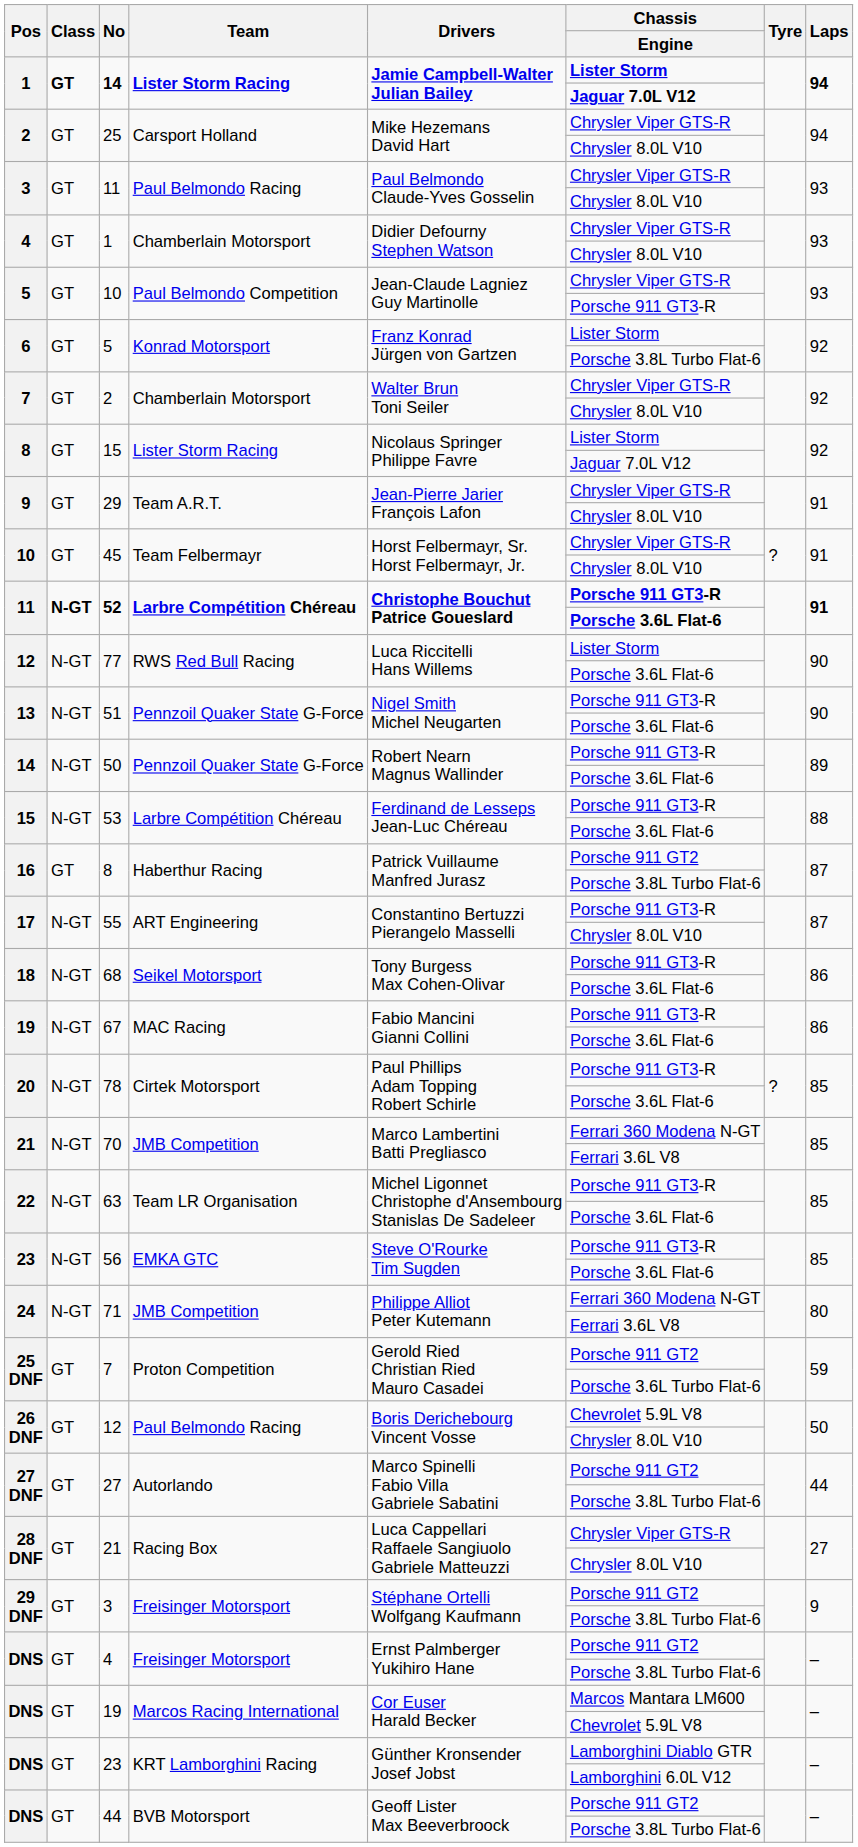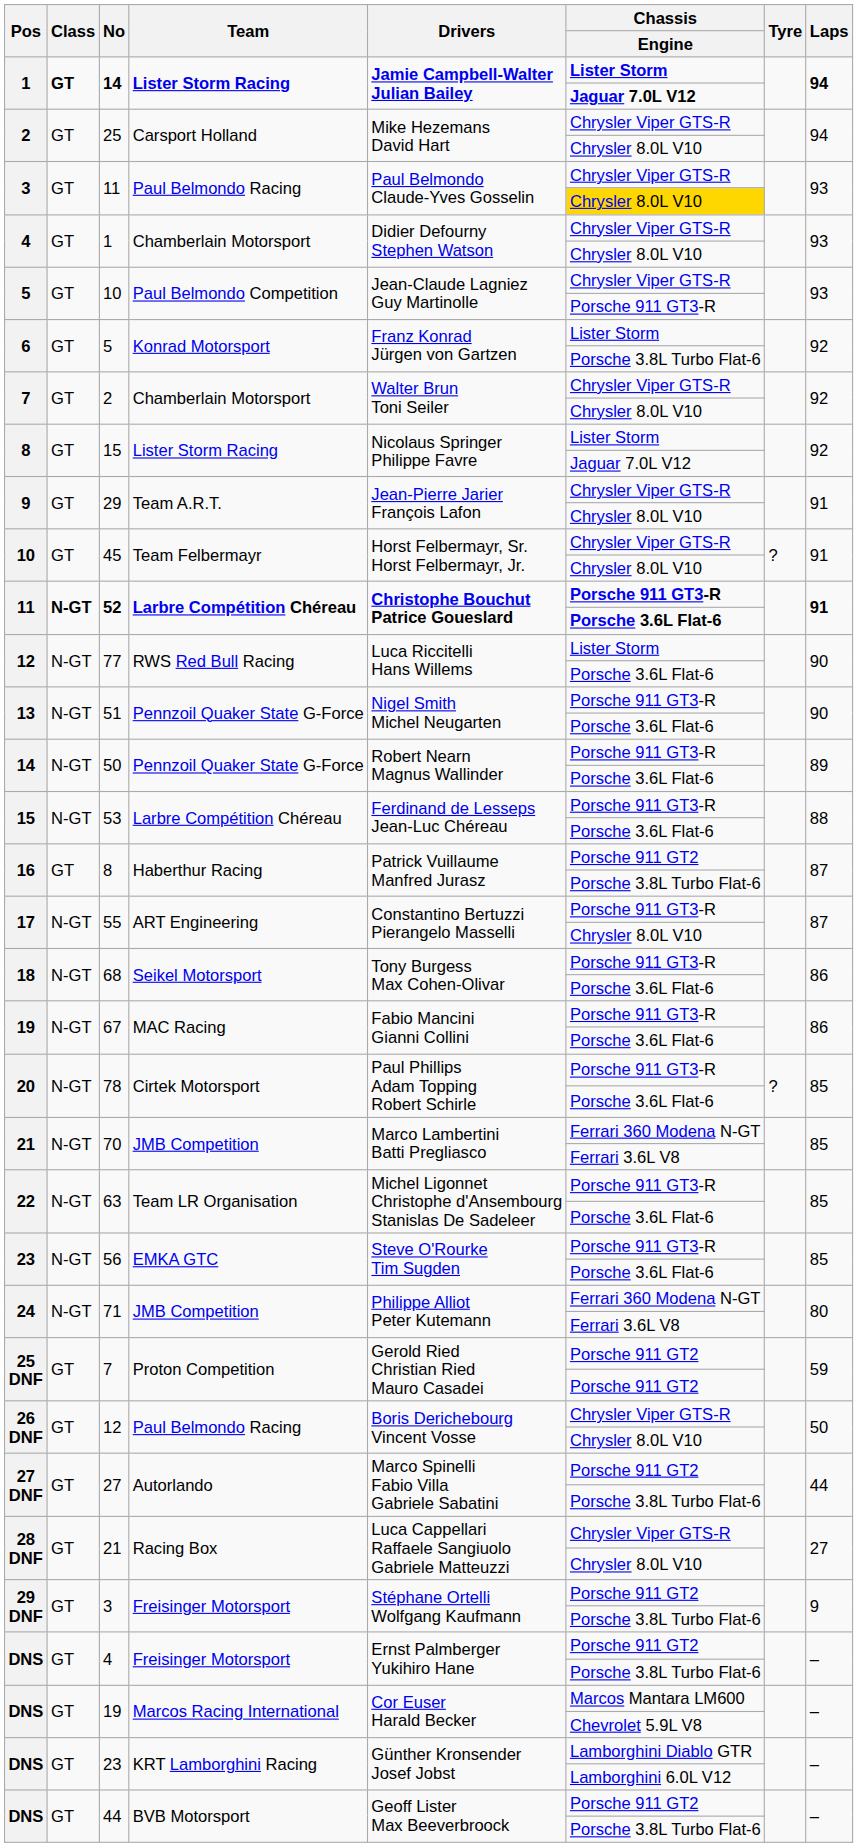 <table class="wikitable" style="font-size: 95%;">
 <tr>
 <th rowspan=2>Pos</th>
 <th rowspan=2>Class</th>
 <th rowspan=2>No</th>
 <th rowspan=2>Team</th>
 <th rowspan=2>Drivers</th>
 <th>Chassis</th>
 <th rowspan=2>Tyre</th>
 <th rowspan=2>Laps</th>
 </tr>
 <tr>
 <th>Engine</th>
 </tr>
 <tr style="font-weight:bold">
 <th rowspan=2>1</th>
 <td rowspan=2>GT</td>
 <td rowspan=2>14</td>
 <td rowspan=2> <a href='#'>Lister Storm Racing</a></td>
 <td rowspan=2> <a href='#'>Jamie Campbell-Walter</a><br> <a href='#'>Julian Bailey</a></td>
 <td><a href='#'>Lister Storm</a></td>
 <td rowspan=2></td>
 <td rowspan=2>94</td>
 </tr>
 <tr style="font-weight:bold">
 <td><a href='#'>Jaguar</a> 7.0L V12</td>
 </tr>
 <tr>
 <th rowspan=2>2</th>
 <td rowspan=2>GT</td>
 <td rowspan=2>25</td>
 <td rowspan=2> Carsport Holland</td>
 <td rowspan=2> Mike Hezemans<br> David Hart</td>
 <td><a href='#'>Chrysler Viper GTS-R</a></td>
 <td rowspan=2></td>
 <td rowspan=2>94</td>
 </tr>
 <tr>
 <td><a href='#'>Chrysler</a> 8.0L V10</td>
 </tr>
 <tr>
 <th rowspan=2>3</th>
 <td rowspan=2>GT</td>
 <td rowspan=2>11</td>
 <td rowspan=2> <a href='#'>Paul Belmondo</a> Racing</td>
 <td rowspan=2> <a href='#'>Paul Belmondo</a><br> Claude-Yves Gosselin</td>
 <td><a href='#'>Chrysler Viper GTS-R</a></td>
 <td rowspan=2></td>
 <td rowspan=2>93</td>
 </tr>
 <tr>
-<td><a href='#'>Chrysler</a> 8.0L V10</td>
+<td style="background: gold;"><a href='#'>Chrysler</a> 8.0L V10</td>
 </tr>
 <tr>
 <th rowspan=2>4</th>
 <td rowspan=2>GT</td>
 <td rowspan=2>1</td>
 <td rowspan=2> Chamberlain Motorsport</td>
 <td rowspan=2> Didier Defourny<br> <a href='#'>Stephen Watson</a></td>
 <td><a href='#'>Chrysler Viper GTS-R</a></td>
 <td rowspan=2></td>
 <td rowspan=2>93</td>
 </tr>
 <tr>
 <td><a href='#'>Chrysler</a> 8.0L V10</td>
 </tr>
 <tr>
 <th rowspan=2>5</th>
 <td rowspan=2>GT</td>
 <td rowspan=2>10</td>
 <td rowspan=2> <a href='#'>Paul Belmondo</a> Competition</td>
 <td rowspan=2> Jean-Claude Lagniez<br> Guy Martinolle</td>
 <td><a href='#'>Chrysler Viper GTS-R</a></td>
 <td rowspan=2></td>
 <td rowspan=2>93</td>
 </tr>
 <tr>
 <td><a href='#'>Porsche 911 GT3</a>-R</td>
 </tr>
 <tr>
 <th rowspan=2>6</th>
 <td rowspan=2>GT</td>
 <td rowspan=2>5</td>
 <td rowspan=2> <a href='#'>Konrad Motorsport</a></td>
 <td rowspan=2> <a href='#'>Franz Konrad</a><br> Jürgen von Gartzen</td>
 <td><a href='#'>Lister Storm</a></td>
 <td rowspan=2></td>
 <td rowspan=2>92</td>
 </tr>
 <tr>
 <td><a href='#'>Porsche</a> 3.8L Turbo Flat-6</td>
 </tr>
 <tr>
 <th rowspan=2>7</th>
 <td rowspan=2>GT</td>
 <td rowspan=2>2</td>
 <td rowspan=2> Chamberlain Motorsport</td>
 <td rowspan=2> <a href='#'>Walter Brun</a><br> Toni Seiler</td>
 <td><a href='#'>Chrysler Viper GTS-R</a></td>
 <td rowspan=2></td>
 <td rowspan=2>92</td>
 </tr>
 <tr>
 <td><a href='#'>Chrysler</a> 8.0L V10</td>
 </tr>
 <tr>
 <th rowspan=2>8</th>
 <td rowspan=2>GT</td>
 <td rowspan=2>15</td>
 <td rowspan=2> <a href='#'>Lister Storm Racing</a></td>
 <td rowspan=2> Nicolaus Springer<br> Philippe Favre</td>
 <td><a href='#'>Lister Storm</a></td>
 <td rowspan=2></td>
 <td rowspan=2>92</td>
 </tr>
 <tr>
 <td><a href='#'>Jaguar</a> 7.0L V12</td>
 </tr>
 <tr>
 <th rowspan=2>9</th>
 <td rowspan=2>GT</td>
 <td rowspan=2>29</td>
 <td rowspan=2> Team A.R.T.</td>
 <td rowspan=2> <a href='#'>Jean-Pierre Jarier</a><br> François Lafon</td>
 <td><a href='#'>Chrysler Viper GTS-R</a></td>
 <td rowspan=2></td>
 <td rowspan=2>91</td>
 </tr>
 <tr>
 <td><a href='#'>Chrysler</a> 8.0L V10</td>
 </tr>
 <tr>
 <th rowspan=2>10</th>
 <td rowspan=2>GT</td>
 <td rowspan=2>45</td>
 <td rowspan=2> Team Felbermayr</td>
 <td rowspan=2> Horst Felbermayr, Sr.<br> Horst Felbermayr, Jr.</td>
 <td><a href='#'>Chrysler Viper GTS-R</a></td>
 <td rowspan=2>?</td>
 <td rowspan=2>91</td>
 </tr>
 <tr>
 <td><a href='#'>Chrysler</a> 8.0L V10</td>
 </tr>
 <tr style="font-weight:bold">
 <th rowspan=2>11</th>
 <td rowspan=2>N-GT</td>
 <td rowspan=2>52</td>
 <td rowspan=2> <a href='#'>Larbre Compétition</a> Chéreau</td>
 <td rowspan=2> <a href='#'>Christophe Bouchut</a><br> Patrice Goueslard</td>
 <td><a href='#'>Porsche 911 GT3</a>-R</td>
 <td rowspan=2></td>
 <td rowspan=2>91</td>
 </tr>
 <tr style="font-weight:bold">
 <td><a href='#'>Porsche</a> 3.6L Flat-6</td>
 </tr>
 <tr>
 <th rowspan=2>12</th>
 <td rowspan=2>N-GT</td>
 <td rowspan=2>77</td>
 <td rowspan=2> RWS <a href='#'>Red Bull</a> Racing</td>
 <td rowspan=2> Luca Riccitelli<br> Hans Willems</td>
 <td><a href='#'>Lister Storm</a></td>
 <td rowspan=2></td>
 <td rowspan=2>90</td>
 </tr>
 <tr>
 <td><a href='#'>Porsche</a> 3.6L Flat-6</td>
 </tr>
 <tr>
 <th rowspan=2>13</th>
 <td rowspan=2>N-GT</td>
 <td rowspan=2>51</td>
 <td rowspan=2> <a href='#'>Pennzoil Quaker State</a> G-Force</td>
 <td rowspan=2> <a href='#'>Nigel Smith</a><br> Michel Neugarten</td>
 <td><a href='#'>Porsche 911 GT3</a>-R</td>
 <td rowspan=2></td>
 <td rowspan=2>90</td>
 </tr>
 <tr>
 <td><a href='#'>Porsche</a> 3.6L Flat-6</td>
 </tr>
 <tr>
 <th rowspan=2>14</th>
 <td rowspan=2>N-GT</td>
 <td rowspan=2>50</td>
 <td rowspan=2> <a href='#'>Pennzoil Quaker State</a> G-Force</td>
 <td rowspan=2> Robert Nearn<br> Magnus Wallinder</td>
 <td><a href='#'>Porsche 911 GT3</a>-R</td>
 <td rowspan=2></td>
 <td rowspan=2>89</td>
 </tr>
 <tr>
 <td><a href='#'>Porsche</a> 3.6L Flat-6</td>
 </tr>
 <tr>
 <th rowspan=2>15</th>
 <td rowspan=2>N-GT</td>
 <td rowspan=2>53</td>
 <td rowspan=2> <a href='#'>Larbre Compétition</a> Chéreau</td>
 <td rowspan=2> <a href='#'>Ferdinand de Lesseps</a><br> Jean-Luc Chéreau</td>
 <td><a href='#'>Porsche 911 GT3</a>-R</td>
 <td rowspan=2></td>
 <td rowspan=2>88</td>
 </tr>
 <tr>
 <td><a href='#'>Porsche</a> 3.6L Flat-6</td>
 </tr>
 <tr>
 <th rowspan=2>16</th>
 <td rowspan=2>GT</td>
 <td rowspan=2>8</td>
 <td rowspan=2> Haberthur Racing</td>
 <td rowspan=2> Patrick Vuillaume<br> Manfred Jurasz</td>
 <td><a href='#'>Porsche 911 GT2</a></td>
 <td rowspan=2></td>
 <td rowspan=2>87</td>
 </tr>
 <tr>
 <td><a href='#'>Porsche</a> 3.8L Turbo Flat-6</td>
 </tr>
 <tr>
 <th rowspan=2>17</th>
 <td rowspan=2>N-GT</td>
 <td rowspan=2>55</td>
 <td rowspan=2> ART Engineering</td>
 <td rowspan=2> Constantino Bertuzzi<br> Pierangelo Masselli</td>
 <td><a href='#'>Porsche 911 GT3</a>-R</td>
 <td rowspan=2></td>
 <td rowspan=2>87</td>
 </tr>
 <tr>
 <td><a href='#'>Chrysler</a> 8.0L V10</td>
 </tr>
 <tr>
 <th rowspan=2>18</th>
 <td rowspan=2>N-GT</td>
 <td rowspan=2>68</td>
 <td rowspan=2> <a href='#'>Seikel Motorsport</a></td>
 <td rowspan=2> Tony Burgess<br> Max Cohen-Olivar</td>
 <td><a href='#'>Porsche 911 GT3</a>-R</td>
 <td rowspan=2></td>
 <td rowspan=2>86</td>
 </tr>
 <tr>
 <td><a href='#'>Porsche</a> 3.6L Flat-6</td>
 </tr>
 <tr>
 <th rowspan=2>19</th>
 <td rowspan=2>N-GT</td>
 <td rowspan=2>67</td>
 <td rowspan=2> MAC Racing</td>
 <td rowspan=2> Fabio Mancini<br> Gianni Collini</td>
 <td><a href='#'>Porsche 911 GT3</a>-R</td>
 <td rowspan=2></td>
 <td rowspan=2>86</td>
 </tr>
 <tr>
 <td><a href='#'>Porsche</a> 3.6L Flat-6</td>
 </tr>
 <tr>
 <th rowspan=2>20</th>
 <td rowspan=2>N-GT</td>
 <td rowspan=2>78</td>
 <td rowspan=2> Cirtek Motorsport</td>
 <td rowspan=2> Paul Phillips<br> Adam Topping<br> Robert Schirle</td>
 <td><a href='#'>Porsche 911 GT3</a>-R</td>
 <td rowspan=2>?</td>
 <td rowspan=2>85</td>
 </tr>
 <tr>
 <td><a href='#'>Porsche</a> 3.6L Flat-6</td>
 </tr>
 <tr>
 <th rowspan=2>21</th>
 <td rowspan=2>N-GT</td>
 <td rowspan=2>70</td>
 <td rowspan=2> <a href='#'>JMB Competition</a></td>
 <td rowspan=2> Marco Lambertini<br> Batti Pregliasco</td>
 <td><a href='#'>Ferrari 360 Modena</a> N-GT</td>
 <td rowspan=2></td>
 <td rowspan=2>85</td>
 </tr>
 <tr>
 <td><a href='#'>Ferrari</a> 3.6L V8</td>
 </tr>
 <tr>
 <th rowspan=2>22</th>
 <td rowspan=2>N-GT</td>
 <td rowspan=2>63</td>
 <td rowspan=2> Team LR Organisation</td>
 <td rowspan=2> Michel Ligonnet<br> Christophe d'Ansembourg<br> Stanislas De Sadeleer</td>
 <td><a href='#'>Porsche 911 GT3</a>-R</td>
 <td rowspan=2></td>
 <td rowspan=2>85</td>
 </tr>
 <tr>
 <td><a href='#'>Porsche</a> 3.6L Flat-6</td>
 </tr>
 <tr>
 <th rowspan=2>23</th>
 <td rowspan=2>N-GT</td>
 <td rowspan=2>56</td>
 <td rowspan=2> <a href='#'>EMKA GTC</a></td>
 <td rowspan=2> <a href='#'>Steve O'Rourke</a><br> <a href='#'>Tim Sugden</a></td>
 <td><a href='#'>Porsche 911 GT3</a>-R</td>
 <td rowspan=2></td>
 <td rowspan=2>85</td>
 </tr>
 <tr>
 <td><a href='#'>Porsche</a> 3.6L Flat-6</td>
 </tr>
 <tr>
 <th rowspan=2>24</th>
 <td rowspan=2>N-GT</td>
 <td rowspan=2>71</td>
 <td rowspan=2> <a href='#'>JMB Competition</a></td>
 <td rowspan=2> <a href='#'>Philippe Alliot</a><br> Peter Kutemann</td>
 <td><a href='#'>Ferrari 360 Modena</a> N-GT</td>
 <td rowspan=2></td>
 <td rowspan=2>80</td>
 </tr>
 <tr>
 <td><a href='#'>Ferrari</a> 3.6L V8</td>
 </tr>
 <tr>
 <th rowspan=2>25<br>DNF</th>
 <td rowspan=2>GT</td>
 <td rowspan=2>7</td>
 <td rowspan=2> Proton Competition</td>
 <td rowspan=2> Gerold Ried<br> Christian Ried<br> Mauro Casadei</td>
 <td><a href='#'>Porsche 911 GT2</a></td>
 <td rowspan=2></td>
 <td rowspan=2>59</td>
 </tr>
 <tr>
-<td><a href='#'>Porsche</a> 3.6L Turbo Flat-6</td>
+<td><a href='#'>Porsche 911 GT2</a></td>
 </tr>
 <tr>
 <th rowspan=2>26<br>DNF</th>
 <td rowspan=2>GT</td>
 <td rowspan=2>12</td>
 <td rowspan=2> <a href='#'>Paul Belmondo</a> Racing</td>
 <td rowspan=2> <a href='#'>Boris Derichebourg</a><br> Vincent Vosse</td>
-<td><a href='#'>Chevrolet</a> 5.9L V8</td>
+<td><a href='#'>Chrysler Viper GTS-R</a></td>
 <td rowspan=2></td>
 <td rowspan=2>50</td>
 </tr>
 <tr>
 <td><a href='#'>Chrysler</a> 8.0L V10</td>
 </tr>
 <tr>
 <th rowspan=2>27<br>DNF</th>
 <td rowspan=2>GT</td>
 <td rowspan=2>27</td>
 <td rowspan=2> Autorlando</td>
 <td rowspan=2> Marco Spinelli<br> Fabio Villa<br> Gabriele Sabatini</td>
 <td><a href='#'>Porsche 911 GT2</a></td>
 <td rowspan=2></td>
 <td rowspan=2>44</td>
 </tr>
 <tr>
 <td><a href='#'>Porsche</a> 3.8L Turbo Flat-6</td>
 </tr>
 <tr>
 <th rowspan=2>28<br>DNF</th>
 <td rowspan=2>GT</td>
 <td rowspan=2>21</td>
 <td rowspan=2> Racing Box</td>
 <td rowspan=2> Luca Cappellari<br> Raffaele Sangiuolo<br> Gabriele Matteuzzi</td>
 <td><a href='#'>Chrysler Viper GTS-R</a></td>
 <td rowspan=2></td>
 <td rowspan=2>27</td>
 </tr>
 <tr>
 <td><a href='#'>Chrysler</a> 8.0L V10</td>
 </tr>
 <tr>
 <th rowspan=2>29<br>DNF</th>
 <td rowspan=2>GT</td>
 <td rowspan=2>3</td>
 <td rowspan=2> <a href='#'>Freisinger Motorsport</a></td>
 <td rowspan=2> <a href='#'>Stéphane Ortelli</a><br> Wolfgang Kaufmann</td>
 <td><a href='#'>Porsche 911 GT2</a></td>
 <td rowspan=2></td>
 <td rowspan=2>9</td>
 </tr>
 <tr>
 <td><a href='#'>Porsche</a> 3.8L Turbo Flat-6</td>
 </tr>
 <tr>
 <th rowspan=2>DNS</th>
 <td rowspan=2>GT</td>
 <td rowspan=2>4</td>
 <td rowspan=2> <a href='#'>Freisinger Motorsport</a></td>
 <td rowspan=2> Ernst Palmberger<br> Yukihiro Hane</td>
 <td><a href='#'>Porsche 911 GT2</a></td>
 <td rowspan=2></td>
 <td rowspan=2>–</td>
 </tr>
 <tr>
 <td><a href='#'>Porsche</a> 3.8L Turbo Flat-6</td>
 </tr>
 <tr>
 <th rowspan=2>DNS</th>
 <td rowspan=2>GT</td>
 <td rowspan=2>19</td>
 <td rowspan=2> <a href='#'>Marcos Racing International</a></td>
 <td rowspan=2> <a href='#'>Cor Euser</a><br> Harald Becker</td>
 <td><a href='#'>Marcos</a> Mantara LM600</td>
 <td rowspan=2></td>
 <td rowspan=2>–</td>
 </tr>
 <tr>
 <td><a href='#'>Chevrolet</a> 5.9L V8</td>
 </tr>
 <tr>
 <th rowspan=2>DNS</th>
 <td rowspan=2>GT</td>
 <td rowspan=2>23</td>
 <td rowspan=2> KRT <a href='#'>Lamborghini</a> Racing</td>
 <td rowspan=2> Günther Kronsender<br> Josef Jobst</td>
 <td><a href='#'>Lamborghini Diablo</a> GTR</td>
 <td rowspan=2></td>
 <td rowspan=2>–</td>
 </tr>
 <tr>
 <td><a href='#'>Lamborghini</a> 6.0L V12</td>
 </tr>
 <tr>
 <th rowspan=2>DNS</th>
 <td rowspan=2>GT</td>
 <td rowspan=2>44</td>
 <td rowspan=2> BVB Motorsport</td>
 <td rowspan=2> Geoff Lister<br> Max Beeverbroock</td>
 <td><a href='#'>Porsche 911 GT2</a></td>
 <td rowspan=2></td>
 <td rowspan=2>–</td>
 </tr>
 <tr>
 <td><a href='#'>Porsche</a> 3.8L Turbo Flat-6</td>
 </tr>
 </table>
